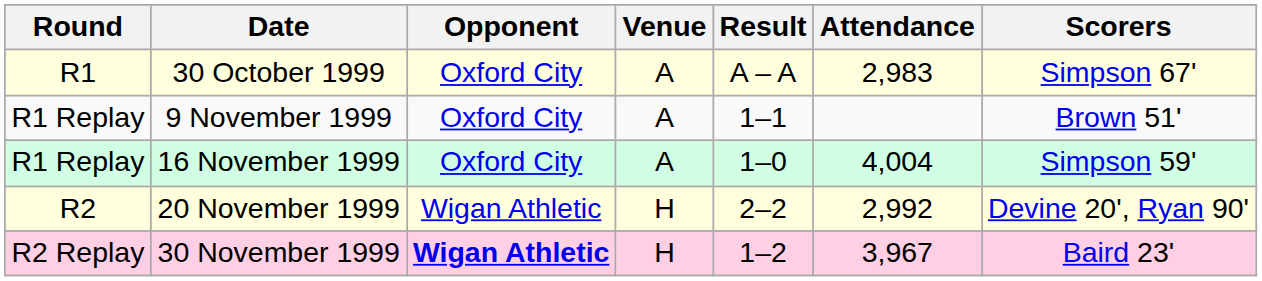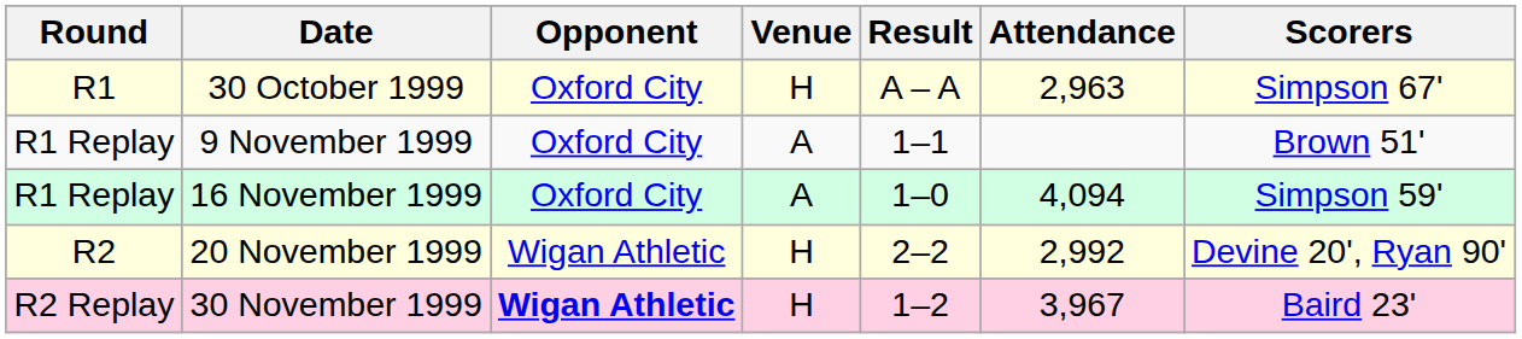 <table class= "wikitable " style="font-size:100%; text-align:center">
 <tr>
 <th>Round</th>
 <th>Date</th>
 <th>Opponent</th>
 <th>Venue</th>
 <th>Result</th>
 <th>Attendance</th>
 <th>Scorers</th>
 </tr>
 <tr style="background: #ffffdd;">
 <td>R1</td>
 <td>30 October 1999</td>
 <td><a href='#'>Oxford City</a></td>
-<td>A</td>
+<td>H</td>
 <td>A – A</td>
-<td>2,983</td>
+<td>2,963</td>
 <td><a href='#'>Simpson</a> 67'</td>
 </tr>
 <tr style="background:">
 <td>R1 Replay</td>
 <td>9 November 1999</td>
 <td><a href='#'>Oxford City</a></td>
 <td>A</td>
 <td>1–1</td>
 <td></td>
 <td><a href='#'>Brown</a> 51'</td>
 </tr>
 <tr style="background: #d0ffe3;">
 <td>R1 Replay</td>
 <td>16 November 1999</td>
 <td><a href='#'>Oxford City</a></td>
 <td>A</td>
 <td>1–0</td>
-<td>4,004</td>
+<td>4,094</td>
 <td><a href='#'>Simpson</a> 59'</td>
 </tr>
 <tr style="background: #ffffdd;">
 <td>R2</td>
 <td>20 November 1999</td>
 <td><a href='#'>Wigan Athletic</a></td>
 <td>H</td>
 <td>2–2</td>
 <td>2,992</td>
 <td><a href='#'>Devine</a> 20', <a href='#'>Ryan</a> 90'</td>
 </tr>
 <tr style="background: #ffd0e3;">
 <td>R2 Replay</td>
 <td>30 November 1999</td>
 <td><strong><a href='#'>Wigan Athletic</a></strong></td>
 <td>H</td>
 <td>1–2</td>
 <td>3,967</td>
 <td><a href='#'>Baird</a> 23'</td>
 </tr>
 </table>
